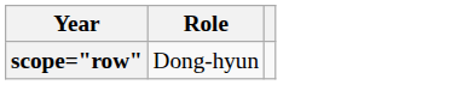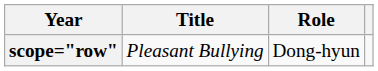 <table class="wikitable plainrowheaders">
 <tr>
 <th scope="col">Year</th>
+<th scope="col">Title</th>
 <th scope="col">Role</th>
 <th scope="col" class="unsortable"></th>
 </tr>
 <tr>
 <th>scope="row" </th>
+<td><em>Pleasant Bullying</em></td>
 <td>Dong-hyun</td>
 <td></td>
 </tr>
 </table>
